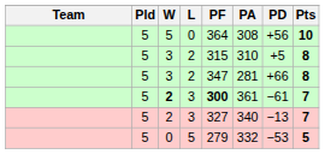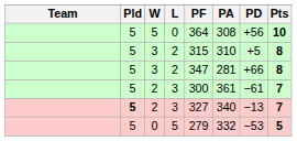 <table class=wikitable>
 <tr align=center>
 </tr>
 <tr>
 <th width=150>Team</th>
 <th width=20>Pld</th>
 <th width=20>W</th>
 <th width=20>L</th>
 <th width=30>PF</th>
 <th width=30>PA</th>
 <th width=30>PD</th>
 <th width=20>Pts</th>
 </tr>
 <tr align=center bgcolor=ccffcc>
 <td align=left></td>
 <td>5</td>
 <td>5</td>
 <td>0</td>
 <td>364</td>
 <td>308</td>
 <td>+56</td>
 <td><strong>10</strong></td>
 </tr>
 <tr align=center bgcolor=ccffcc>
 <td align=left></td>
 <td>5</td>
 <td>3</td>
 <td>2</td>
 <td>315</td>
 <td>310</td>
 <td>+5</td>
 <td><strong>8</strong></td>
 </tr>
 <tr align=center bgcolor=ccffcc>
 <td align=left></td>
 <td>5</td>
 <td>3</td>
 <td>2</td>
 <td>347</td>
 <td>281</td>
 <td>+66</td>
 <td><strong>8</strong></td>
 </tr>
 <tr align=center bgcolor=ccffcc>
 <td align=left></td>
 <td>5</td>
-<td><strong>2</strong></td>
+<td>2</td>
 <td>3</td>
-<td><strong>300</strong></td>
+<td>300</td>
 <td>361</td>
 <td>−61</td>
 <td><strong>7</strong></td>
 </tr>
 <tr align=center bgcolor=ffcccc>
 <td align=left></td>
-<td>5</td>
+<td><strong>5</strong></td>
 <td>2</td>
 <td>3</td>
 <td>327</td>
 <td>340</td>
 <td>−13</td>
 <td><strong>7</strong></td>
 </tr>
 <tr align=center bgcolor=ffcccc>
 <td align=left></td>
 <td>5</td>
 <td>0</td>
 <td>5</td>
 <td>279</td>
 <td>332</td>
 <td>−53</td>
 <td><strong>5</strong></td>
 </tr>
 </table>
